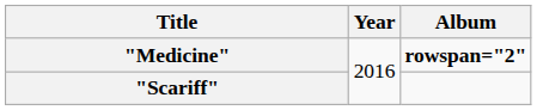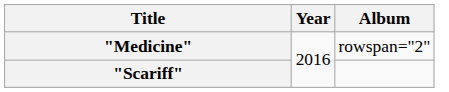 <table class="wikitable plainrowheaders" style="text-align:center">
 <tr>
 <th scope="col" style="width:16em;">Title</th>
 <th scope="col">Year</th>
 <th scope="col">Album</th>
 </tr>
 <tr>
 <th scope="row">"Medicine"</th>
 <td rowspan="2">2016</td>
-<td><strong>rowspan="2" </strong></td>
+<td>rowspan="2" </td>
 </tr>
 <tr>
 <th scope="row">"Scariff"</th>
 </tr>
 </table>
